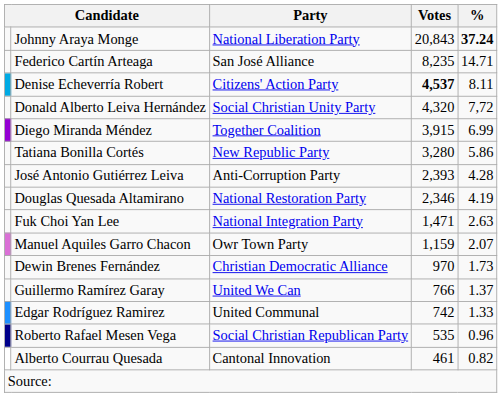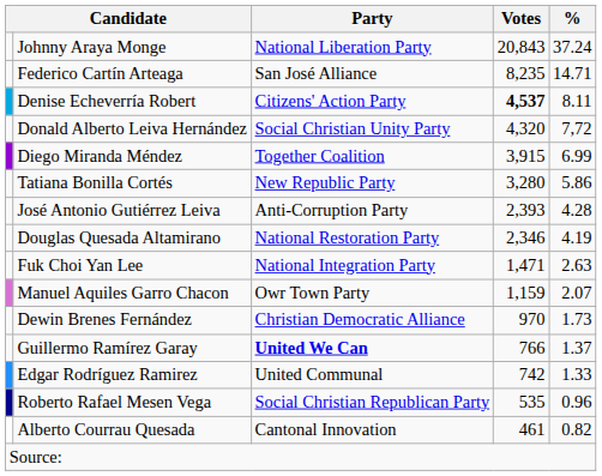 <table class=wikitable style=text-align:right>
 <tr>
 <th colspan=2>Candidate</th>
 <th>Party</th>
 <th>Votes</th>
 <th>%</th>
 </tr>
 <tr>
 <td bgcolor=></td>
 <td align=left>Johnny Araya Monge</td>
 <td align=left><a href='#'>National Liberation Party</a></td>
 <td>20,843</td>
-<td><strong>37.24</strong></td>
+<td>37.24</td>
 </tr>
 <tr>
 <td bgcolor=></td>
 <td align=left>Federico Cartín Arteaga</td>
 <td align=left>San José Alliance</td>
 <td>8,235</td>
 <td>14.71</td>
 </tr>
 <tr>
 <td bgcolor=#00AAE4></td>
 <td align=left>Denise Echeverría Robert</td>
 <td align=left><a href='#'>Citizens' Action Party</a></td>
 <td><strong>4,537</strong></td>
 <td>8.11</td>
 </tr>
 <tr>
 <td bgcolor=></td>
 <td align=left>Donald Alberto Leiva Hernández</td>
 <td align=left><a href='#'>Social Christian Unity Party</a></td>
 <td>4,320</td>
 <td>7,72</td>
 </tr>
 <tr>
 <td bgcolor=#9400D3></td>
 <td align=left>Diego Miranda Méndez</td>
 <td align=left><a href='#'>Together Coalition</a></td>
 <td>3,915</td>
 <td>6.99</td>
 </tr>
 <tr>
 <td bgcolor=></td>
 <td align=left>Tatiana Bonilla Cortés</td>
 <td align=left><a href='#'>New Republic Party</a></td>
 <td>3,280</td>
 <td>5.86</td>
 </tr>
 <tr>
 <td bgcolor=></td>
 <td align=left>José Antonio Gutiérrez Leiva</td>
 <td align=left>Anti-Corruption Party</td>
 <td>2,393</td>
 <td>4.28</td>
 </tr>
 <tr>
 <td bgcolor=></td>
 <td align=left>Douglas Quesada Altamirano</td>
 <td align=left><a href='#'>National Restoration Party</a></td>
 <td>2,346</td>
 <td>4.19</td>
 </tr>
 <tr>
 <td bgcolor=></td>
 <td align=left>Fuk Choi Yan Lee</td>
 <td align=left><a href='#'>National Integration Party</a></td>
 <td>1,471</td>
 <td>2.63</td>
 </tr>
 <tr>
 <td bgcolor=orchid></td>
 <td align=left>Manuel Aquiles Garro Chacon</td>
 <td align=left>Owr Town Party</td>
 <td>1,159</td>
 <td>2.07</td>
 </tr>
 <tr>
 <td bgcolor=></td>
 <td align=left>Dewin Brenes Fernández</td>
 <td align=left><a href='#'>Christian Democratic Alliance</a></td>
 <td>970</td>
 <td>1.73</td>
 </tr>
 <tr>
 <td bgcolor=></td>
 <td align=left>Guillermo Ramírez Garay</td>
-<td align=left><a href='#'>United We Can</a></td>
+<td align=left><strong><a href='#'>United We Can</a></strong></td>
 <td>766</td>
 <td>1.37</td>
 </tr>
 <tr>
 <td bgcolor=dodgerblue></td>
 <td align=left>Edgar Rodríguez Ramirez</td>
 <td align=left>United Communal</td>
 <td>742</td>
 <td>1.33</td>
 </tr>
 <tr>
 <td bgcolor=darkblue></td>
 <td align=left>Roberto Rafael Mesen Vega</td>
 <td align=left><a href='#'>Social Christian Republican Party</a></td>
 <td>535</td>
 <td>0.96</td>
 </tr>
 <tr>
 <td bgcolor=white></td>
 <td align=left>Alberto Courrau Quesada</td>
 <td align=left>Cantonal Innovation</td>
 <td>461</td>
 <td>0.82</td>
 </tr>
 <tr>
 <td align=left colspan=5>Source:  </td>
 </tr>
 </table>
